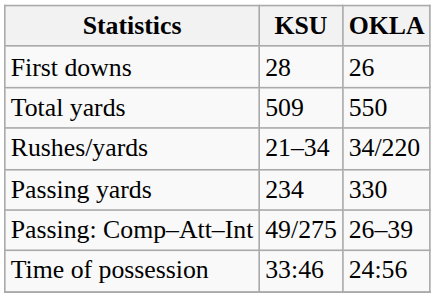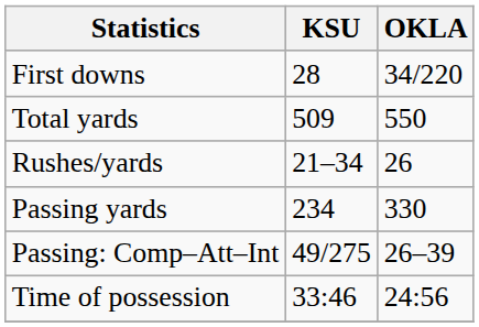 <table class="wikitable" style="float: left;">
 <tr>
 <th>Statistics</th>
 <th>KSU</th>
 <th>OKLA</th>
 </tr>
 <tr>
 <td>First downs</td>
 <td>28</td>
-<td>26</td>
+<td>34/220</td>
 </tr>
 <tr>
 <td>Total yards</td>
 <td>509</td>
 <td>550</td>
 </tr>
 <tr>
 <td>Rushes/yards</td>
 <td>21–34</td>
-<td>34/220</td>
+<td>26</td>
 </tr>
 <tr>
 <td>Passing yards</td>
 <td>234</td>
 <td>330</td>
 </tr>
 <tr>
 <td>Passing: Comp–Att–Int</td>
 <td>49/275</td>
 <td>26–39</td>
 </tr>
 <tr>
 <td>Time of possession</td>
 <td>33:46</td>
 <td>24:56</td>
 </tr>
 <tr>
 </tr>
 </table>
